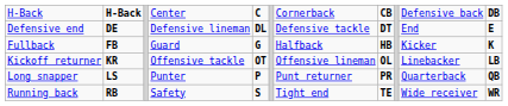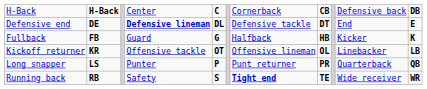 <table class="wikitable">
 <tr>
 <td><a href='#'>H-Back</a></td>
 <td><strong>H-Back</strong></td>
 <td rowSpan="6" style="background-color:lightgrey;"></td>
 <td><a href='#'>Center</a></td>
 <td><strong>C</strong></td>
 <td rowSpan="6" style="background-color:lightgrey;"></td>
 <td><a href='#'>Cornerback</a></td>
 <td><strong>CB</strong></td>
 <td rowSpan="6" style="background-color:lightgrey;"></td>
 <td><a href='#'>Defensive back</a></td>
 <td><strong>DB</strong></td>
 </tr>
 <tr>
 <td><a href='#'>Defensive end</a></td>
 <td><strong>DE</strong></td>
-<td><a href='#'>Defensive lineman</a></td>
+<td><strong><a href='#'>Defensive lineman</a></strong></td>
 <td><strong>DL</strong></td>
 <td><a href='#'>Defensive tackle</a></td>
 <td><strong>DT</strong></td>
 <td><a href='#'>End</a></td>
 <td><strong>E</strong></td>
 </tr>
 <tr>
 <td><a href='#'>Fullback</a></td>
 <td><strong>FB</strong></td>
 <td><a href='#'>Guard</a></td>
 <td><strong>G</strong></td>
 <td><a href='#'>Halfback</a></td>
 <td><strong>HB</strong></td>
 <td><a href='#'>Kicker</a></td>
 <td><strong>K</strong></td>
 </tr>
 <tr>
 <td><a href='#'>Kickoff returner</a></td>
 <td><strong>KR</strong></td>
 <td><a href='#'>Offensive tackle</a></td>
 <td><strong>OT</strong></td>
 <td><a href='#'>Offensive lineman</a></td>
 <td><strong>OL</strong></td>
 <td><a href='#'>Linebacker</a></td>
 <td><strong>LB</strong></td>
 </tr>
 <tr>
 <td><a href='#'>Long snapper</a></td>
 <td><strong>LS</strong></td>
 <td><a href='#'>Punter</a></td>
 <td><strong>P</strong></td>
 <td><a href='#'>Punt returner</a></td>
 <td><strong>PR</strong></td>
 <td><a href='#'>Quarterback</a></td>
 <td><strong>QB</strong></td>
 </tr>
 <tr>
 <td><a href='#'>Running back</a></td>
 <td><strong>RB</strong></td>
 <td><a href='#'>Safety</a></td>
 <td><strong>S</strong></td>
-<td><a href='#'>Tight end</a></td>
+<td><strong><a href='#'>Tight end</a></strong></td>
 <td><strong>TE</strong></td>
 <td><a href='#'>Wide receiver</a></td>
 <td><strong>WR</strong></td>
 </tr>
 </table>
